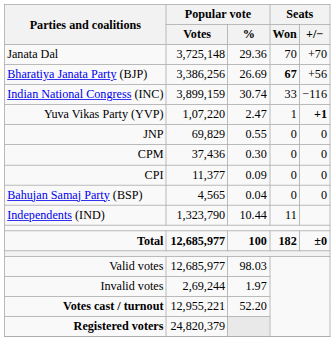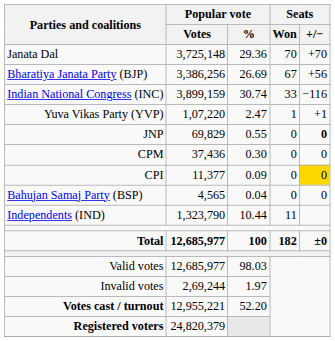 <table class="wikitable" style="text-align:right; font-size:95%;">
 <tr>
 <th rowspan="2">Parties and coalitions</th>
 <th colspan="2">Popular vote</th>
 <th colspan="2">Seats</th>
 </tr>
 <tr>
 <th width="70">Votes</th>
 <th width="45">%</th>
 <th width="30">Won</th>
 <th width="30">+/−</th>
 </tr>
 <tr>
 <td align="left">Janata Dal</td>
 <td>3,725,148</td>
 <td>29.36</td>
 <td>70</td>
 <td>+70</td>
 </tr>
 <tr>
 <td align="left"><a href='#'>Bharatiya Janata Party</a> (BJP)</td>
 <td>3,386,256</td>
 <td>26.69</td>
-<td><strong>67</strong></td>
+<td>67</td>
 <td>+56</td>
 </tr>
 <tr>
 <td align="left"><a href='#'>Indian National Congress</a> (INC)</td>
 <td>3,899,159</td>
 <td>30.74</td>
 <td>33</td>
 <td>−116</td>
 </tr>
 <tr>
 <td>Yuva Vikas Party (YVP)</td>
 <td>1,07,220</td>
 <td>2.47</td>
 <td>1</td>
-<td><strong>+1</strong></td>
+<td>+1</td>
 </tr>
 <tr>
 <td>JNP</td>
 <td>69,829</td>
 <td>0.55</td>
 <td>0</td>
-<td>0</td>
+<td><strong>0</strong></td>
 </tr>
 <tr>
 <td>CPM</td>
 <td>37,436</td>
 <td>0.30</td>
 <td>0</td>
 <td>0</td>
 </tr>
 <tr>
 <td>CPI</td>
 <td>11,377</td>
 <td>0.09</td>
 <td>0</td>
-<td>0</td>
+<td style="background: gold;">0</td>
 </tr>
 <tr>
 <td align="left"><a href='#'>Bahujan Samaj Party</a> (BSP)</td>
 <td>4,565</td>
 <td>0.04</td>
 <td>0</td>
 <td>0</td>
 </tr>
 <tr>
 <td align="left"><a href='#'>Independents</a> (IND)</td>
 <td>1,323,790</td>
 <td>10.44</td>
 <td>11</td>
 <td></td>
 </tr>
 <tr>
 <td colspan="5"></td>
 </tr>
 <tr style="font-weight:bold;">
 <td>Total</td>
 <td>12,685,977</td>
 <td>100</td>
 <td>182</td>
 <td>±0</td>
 </tr>
 <tr>
 <th colspan="7"></th>
 </tr>
 <tr>
 <td>Valid votes</td>
 <td align="right">12,685,977</td>
 <td align="right">98.03</td>
 <td colspan="3" rowspan="4"></td>
 </tr>
 <tr>
 <td>Invalid votes</td>
 <td align="right">2,69,244</td>
 <td align="right">1.97</td>
 </tr>
 <tr>
 <td><strong>Votes cast / turnout</strong></td>
 <td align="right">12,955,221</td>
 <td align="right">52.20</td>
 </tr>
 <tr>
 <td><strong>Registered voters</strong></td>
 <td align="right">24,820,379</td>
 <td colspan="1" style="background-color:#E9E9E9"></td>
 </tr>
 <tr>
 </tr>
 </table>
